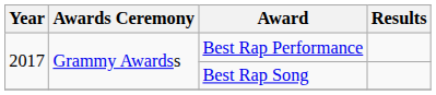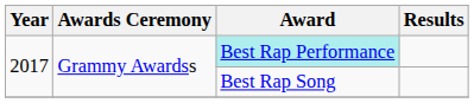 <table class="wikitable">
 <tr>
 <th>Year</th>
 <th>Awards Ceremony</th>
 <th>Award</th>
 <th>Results</th>
 </tr>
 <tr>
 <td rowspan="2">2017</td>
 <td rowspan="2"><a href='#'>Grammy Awards</a>s</td>
-<td><a href='#'>Best Rap Performance</a></td>
+<td style="background: paleturquoise;"><a href='#'>Best Rap Performance</a></td>
 <td></td>
 </tr>
 <tr>
 <td><a href='#'>Best Rap Song</a></td>
 <td></td>
 </tr>
 <tr>
 </tr>
 </table>
